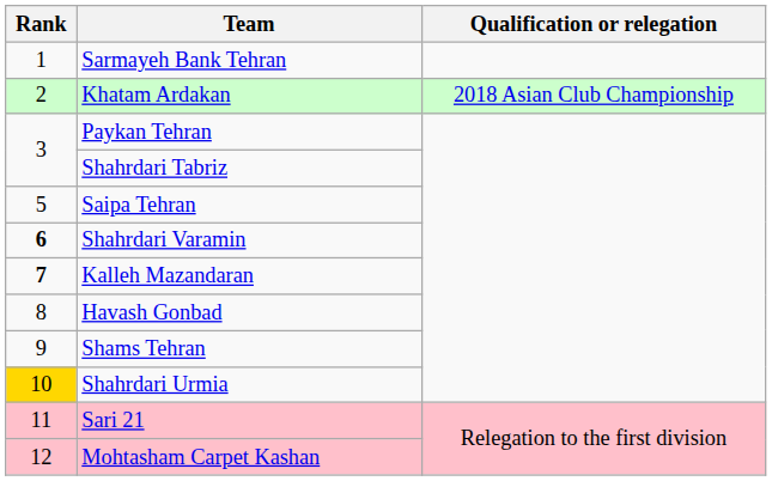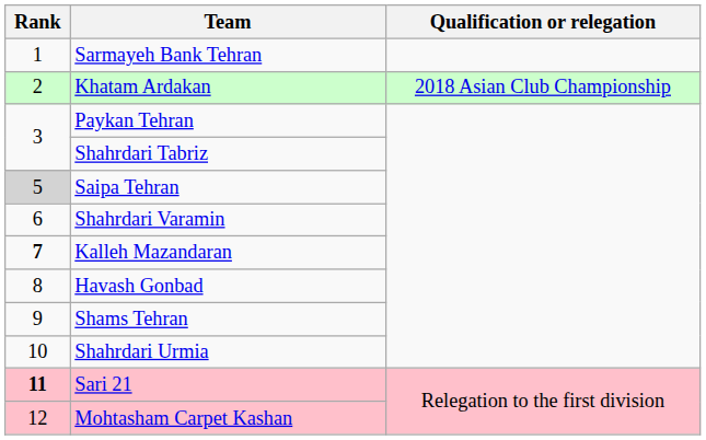 <table class="wikitable" style="text-align:center; font-size:90%">
 <tr>
 <th width=40>Rank</th>
 <th width=220>Team</th>
 <th width=220>Qualification or relegation</th>
 </tr>
 <tr>
 <td>1</td>
 <td style="text-align:left;"><a href='#'>Sarmayeh Bank Tehran</a></td>
 <td></td>
 </tr>
 <tr bgcolor=#ccffcc>
 <td>2</td>
 <td style="text-align:left;"><a href='#'>Khatam Ardakan</a></td>
 <td><a href='#'>2018 Asian Club Championship</a></td>
 </tr>
 <tr>
 <td rowspan=2>3</td>
 <td style="text-align:left;"><a href='#'>Paykan Tehran</a></td>
 <td rowspan=8></td>
 </tr>
 <tr>
 <td style="text-align:left;"><a href='#'>Shahrdari Tabriz</a></td>
 </tr>
 <tr>
-<td>5</td>
+<td style="background: lightgrey;">5</td>
 <td style="text-align:left;"><a href='#'>Saipa Tehran</a></td>
 </tr>
 <tr>
-<td><strong>6</strong></td>
+<td>6</td>
 <td style="text-align:left;"><a href='#'>Shahrdari Varamin</a></td>
 </tr>
 <tr>
 <td><strong>7</strong></td>
 <td style="text-align:left;"><a href='#'>Kalleh Mazandaran</a></td>
 </tr>
 <tr>
 <td>8</td>
 <td style="text-align:left;"><a href='#'>Havash Gonbad</a></td>
 </tr>
 <tr>
 <td>9</td>
 <td style="text-align:left;"><a href='#'>Shams Tehran</a></td>
 </tr>
 <tr>
-<td style="background: gold;">10</td>
+<td>10</td>
 <td style="text-align:left;"><a href='#'>Shahrdari Urmia</a></td>
 </tr>
 <tr bgcolor=pink>
-<td>11</td>
+<td><strong>11</strong></td>
 <td style="text-align:left;"><a href='#'>Sari 21</a></td>
 <td rowspan=2>Relegation to the first division</td>
 </tr>
 <tr bgcolor=pink>
 <td>12</td>
 <td style="text-align:left;"><a href='#'>Mohtasham Carpet Kashan</a></td>
 </tr>
 </table>
